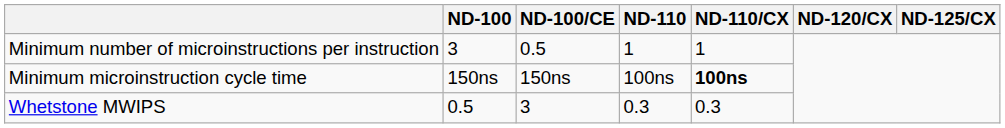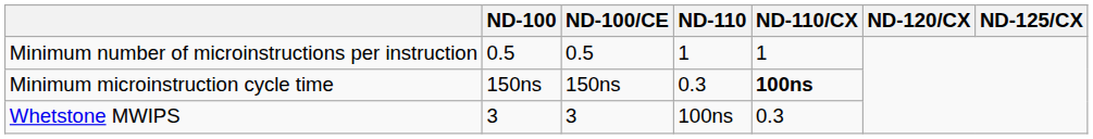 <table class=wikitable>
 <tr>
 <th></th>
 <th>ND-100</th>
 <th>ND-100/CE</th>
 <th>ND-110</th>
 <th>ND-110/CX</th>
 <th>ND-120/CX</th>
 <th>ND-125/CX</th>
 </tr>
 <tr>
 <td>Minimum number of microinstructions per instruction</td>
-<td>3</td>
+<td>0.5</td>
 <td>0.5</td>
 <td>1</td>
 <td>1</td>
 </tr>
 <tr>
 <td>Minimum microinstruction cycle time</td>
 <td>150ns</td>
 <td>150ns</td>
-<td>100ns</td>
+<td>0.3</td>
 <td><strong>100ns</strong></td>
 </tr>
 <tr>
 <td><a href='#'>Whetstone</a> MWIPS</td>
-<td>0.5</td>
 <td>3</td>
-<td>0.3</td>
+<td>3</td>
+<td>100ns</td>
 <td>0.3</td>
 </tr>
 </table>
